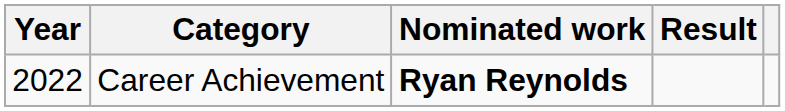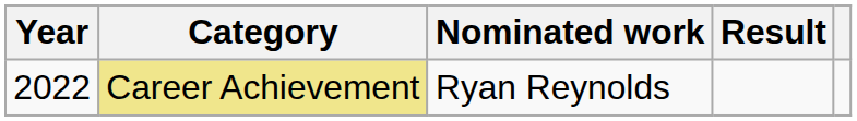 <table class="wikitable">
 <tr>
 <th>Year</th>
 <th>Category</th>
 <th>Nominated work</th>
 <th>Result</th>
 <th></th>
 </tr>
 <tr>
 <td>2022</td>
-<td>Career Achievement</td>
-<td><strong>Ryan Reynolds</strong></td>
+<td style="background: khaki;">Career Achievement</td>
+<td>Ryan Reynolds</td>
 <td></td>
 <td></td>
 </tr>
 </table>
